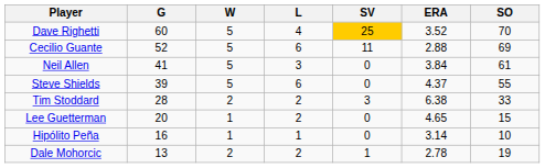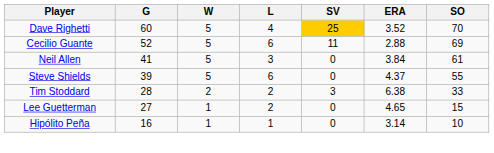 <table class="wikitable sortable">
 <tr>
 <th bgcolor="#DDDDFF" width="16%">Player</th>
 <th bgcolor="#DDDDFF" width="9%">G</th>
 <th bgcolor="#DDDDFF" width="9%">W</th>
 <th bgcolor="#DDDDFF" width="9%">L</th>
 <th bgcolor="#DDDDFF" width="9%">SV</th>
 <th bgcolor="#DDDDFF" width="9%">ERA</th>
 <th bgcolor="#DDDDFF" width="9%">SO</th>
 </tr>
 <tr align="center">
 <td><a href='#'>Dave Righetti</a></td>
 <td>60</td>
 <td>5</td>
 <td>4</td>
 <td style="background:#fc0;">25</td>
 <td>3.52</td>
 <td>70</td>
 </tr>
 <tr align="center">
 <td><a href='#'>Cecilio Guante</a></td>
 <td>52</td>
 <td>5</td>
 <td>6</td>
 <td>11</td>
 <td>2.88</td>
 <td>69</td>
 </tr>
 <tr align="center">
 <td><a href='#'>Neil Allen</a></td>
 <td>41</td>
 <td>5</td>
 <td>3</td>
 <td>0</td>
 <td>3.84</td>
 <td>61</td>
 </tr>
 <tr align="center">
 <td><a href='#'>Steve Shields</a></td>
 <td>39</td>
 <td>5</td>
 <td>6</td>
 <td>0</td>
 <td>4.37</td>
 <td>55</td>
 </tr>
 <tr align="center">
 <td><a href='#'>Tim Stoddard</a></td>
 <td>28</td>
 <td>2</td>
 <td>2</td>
 <td>3</td>
 <td>6.38</td>
 <td>33</td>
 </tr>
 <tr align="center">
 <td><a href='#'>Lee Guetterman</a></td>
-<td>20</td>
+<td>27</td>
 <td>1</td>
 <td>2</td>
 <td>0</td>
 <td>4.65</td>
 <td>15</td>
 </tr>
 <tr align="center">
 <td><a href='#'>Hipólito Peña</a></td>
 <td>16</td>
 <td>1</td>
 <td>1</td>
 <td>0</td>
 <td>3.14</td>
 <td>10</td>
 </tr>
-<tr align="center">
-<td><a href='#'>Dale Mohorcic</a></td>
-<td>13</td>
-<td>2</td>
-<td>2</td>
-<td>1</td>
-<td>2.78</td>
-<td>19</td>
-</tr>
 </table>
